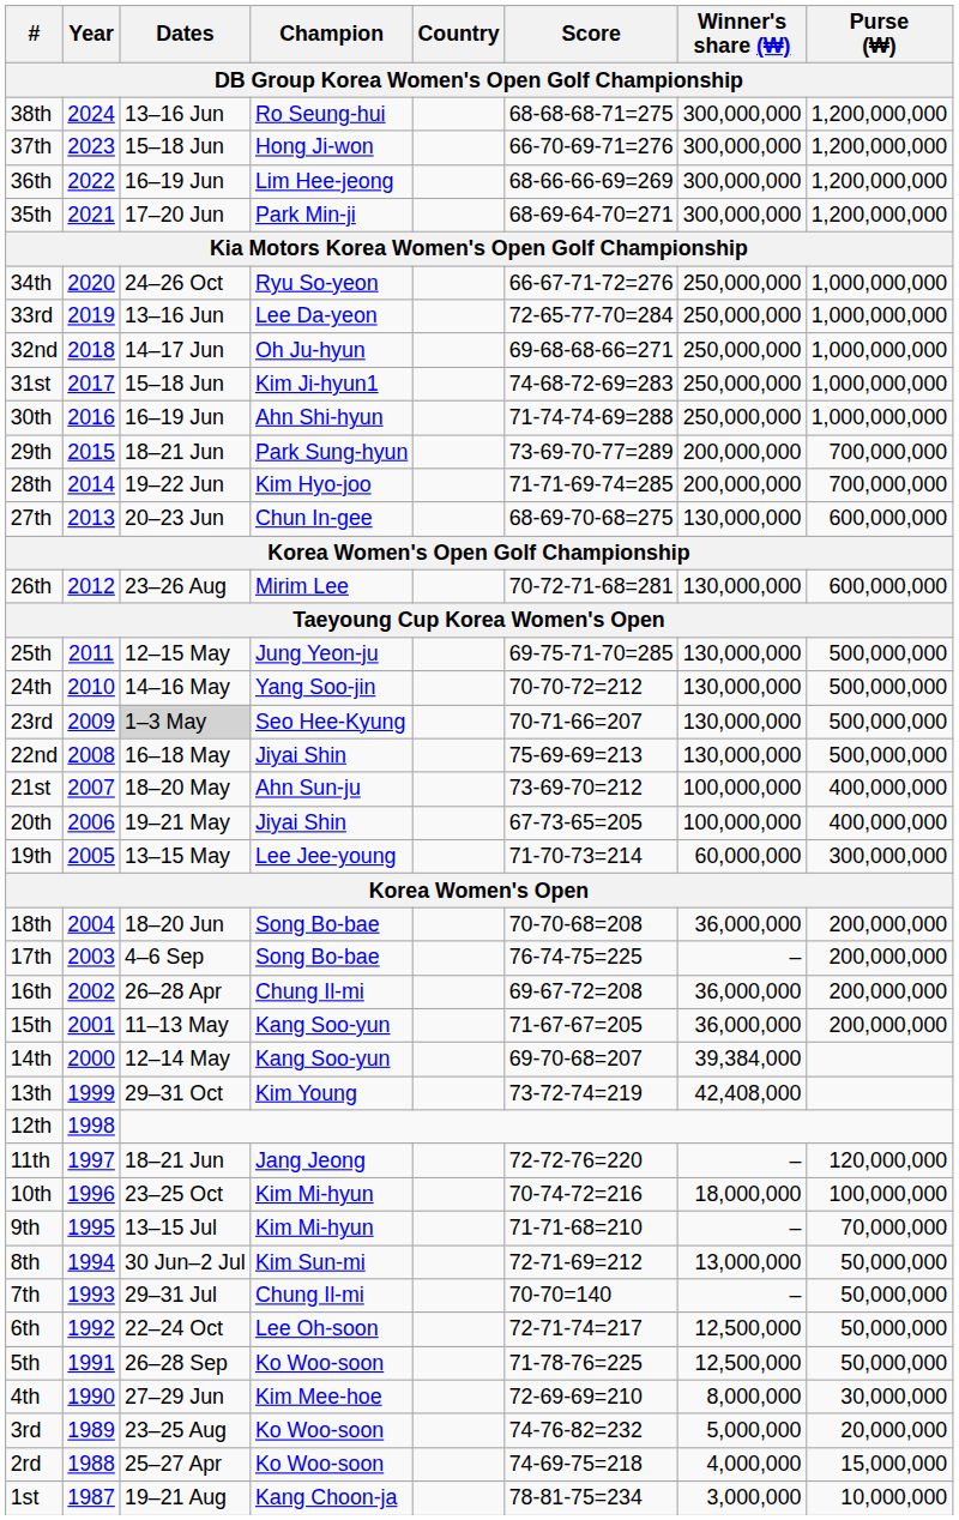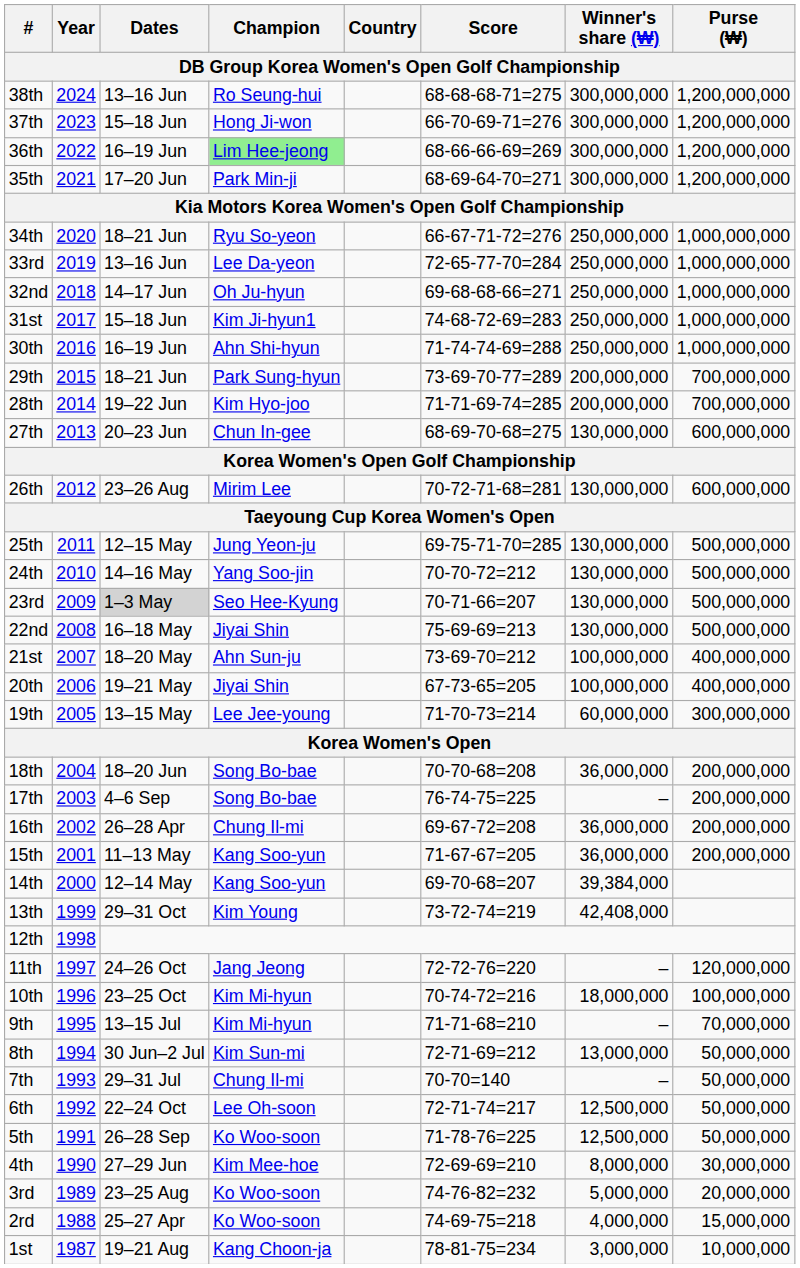 <table class="wikitable">
 <tr>
 <th>#</th>
 <th>Year</th>
 <th>Dates</th>
 <th>Champion</th>
 <th>Country</th>
 <th>Score</th>
 <th>Winner's<br>share <a href='#'>(₩)</a></th>
 <th>Purse<br>(₩)</th>
 </tr>
 <tr>
 <th colspan=8>DB Group Korea Women's Open Golf Championship</th>
 </tr>
 <tr>
 <td>38th</td>
 <td align=center><a href='#'>2024</a></td>
 <td>13–16 Jun</td>
 <td><a href='#'>Ro Seung-hui</a></td>
 <td></td>
 <td>68-68-68-71=275</td>
 <td align=right>300,000,000</td>
 <td align=right>1,200,000,000</td>
 </tr>
 <tr>
 <td>37th</td>
 <td align=center><a href='#'>2023</a></td>
 <td>15–18 Jun</td>
 <td><a href='#'>Hong Ji-won</a></td>
 <td></td>
 <td>66-70-69-71=276</td>
 <td align=right>300,000,000</td>
 <td align=right>1,200,000,000</td>
 </tr>
 <tr>
 <td>36th</td>
 <td align=center><a href='#'>2022</a></td>
 <td>16–19 Jun</td>
-<td><a href='#'>Lim Hee-jeong</a></td>
+<td style="background: lightgreen;"><a href='#'>Lim Hee-jeong</a></td>
 <td></td>
 <td>68-66-66-69=269</td>
 <td align=right>300,000,000</td>
 <td align=right>1,200,000,000</td>
 </tr>
 <tr>
 <td>35th</td>
 <td align=center><a href='#'>2021</a></td>
 <td>17–20 Jun</td>
 <td><a href='#'>Park Min-ji</a></td>
 <td></td>
 <td>68-69-64-70=271</td>
 <td align=right>300,000,000</td>
 <td align=right>1,200,000,000</td>
 </tr>
 <tr>
 <th colspan=8>Kia Motors Korea Women's Open Golf Championship</th>
 </tr>
 <tr>
 <td>34th</td>
 <td align=center><a href='#'>2020</a></td>
-<td>24–26 Oct</td>
+<td>18–21 Jun</td>
 <td><a href='#'>Ryu So-yeon</a></td>
 <td></td>
 <td>66-67-71-72=276</td>
 <td align=right>250,000,000</td>
 <td align=right>1,000,000,000</td>
 </tr>
 <tr>
 <td>33rd</td>
 <td align=center><a href='#'>2019</a></td>
 <td>13–16 Jun</td>
 <td><a href='#'>Lee Da-yeon</a></td>
 <td></td>
 <td>72-65-77-70=284</td>
 <td align=right>250,000,000</td>
 <td align=right>1,000,000,000</td>
 </tr>
 <tr>
 <td>32nd</td>
 <td align=center><a href='#'>2018</a></td>
 <td>14–17 Jun</td>
 <td><a href='#'>Oh Ju-hyun</a></td>
 <td></td>
 <td>69-68-68-66=271</td>
 <td align=right>250,000,000</td>
 <td align=right>1,000,000,000</td>
 </tr>
 <tr>
 <td>31st</td>
 <td align=center><a href='#'>2017</a></td>
 <td>15–18 Jun</td>
 <td><a href='#'>Kim Ji-hyun1</a></td>
 <td></td>
 <td>74-68-72-69=283</td>
 <td align=right>250,000,000</td>
 <td align=right>1,000,000,000</td>
 </tr>
 <tr>
 <td>30th</td>
 <td align=center><a href='#'>2016</a></td>
 <td>16–19 Jun</td>
 <td><a href='#'>Ahn Shi-hyun</a></td>
 <td></td>
 <td>71-74-74-69=288</td>
 <td align=right>250,000,000</td>
 <td align=right>1,000,000,000</td>
 </tr>
 <tr>
 <td>29th</td>
 <td align=center><a href='#'>2015</a></td>
 <td>18–21 Jun</td>
 <td><a href='#'>Park Sung-hyun</a></td>
 <td></td>
 <td>73-69-70-77=289</td>
 <td align=right>200,000,000</td>
 <td align=right>700,000,000</td>
 </tr>
 <tr>
 <td>28th</td>
 <td align=center><a href='#'>2014</a></td>
 <td>19–22 Jun</td>
 <td><a href='#'>Kim Hyo-joo</a></td>
 <td></td>
 <td>71-71-69-74=285</td>
 <td align=right>200,000,000</td>
 <td align=right>700,000,000</td>
 </tr>
 <tr>
 <td>27th</td>
 <td align=center><a href='#'>2013</a></td>
 <td>20–23 Jun</td>
 <td><a href='#'>Chun In-gee</a></td>
 <td></td>
 <td>68-69-70-68=275</td>
 <td align=right>130,000,000</td>
 <td align=right>600,000,000</td>
 </tr>
 <tr>
 <th colspan=8>Korea Women's Open Golf Championship</th>
 </tr>
 <tr>
 <td>26th</td>
 <td align=center><a href='#'>2012</a></td>
 <td>23–26 Aug</td>
 <td><a href='#'>Mirim Lee</a></td>
 <td></td>
 <td>70-72-71-68=281</td>
 <td align=right>130,000,000</td>
 <td align=right>600,000,000</td>
 </tr>
 <tr>
 <th colspan=8>Taeyoung Cup Korea Women's Open</th>
 </tr>
 <tr>
 <td>25th</td>
 <td align=center><a href='#'>2011</a></td>
 <td>12–15 May</td>
 <td><a href='#'>Jung Yeon-ju</a></td>
 <td></td>
 <td>69-75-71-70=285</td>
 <td align=right>130,000,000</td>
 <td align=right>500,000,000</td>
 </tr>
 <tr>
 <td>24th</td>
 <td align=center><a href='#'>2010</a></td>
 <td>14–16 May</td>
 <td><a href='#'>Yang Soo-jin</a></td>
 <td></td>
 <td>70-70-72=212</td>
 <td align=right>130,000,000</td>
 <td align=right>500,000,000</td>
 </tr>
 <tr>
 <td>23rd</td>
 <td align=center><a href='#'>2009</a></td>
 <td style="background: lightgrey;">1–3 May</td>
 <td><a href='#'>Seo Hee-Kyung</a></td>
 <td></td>
 <td>70-71-66=207</td>
 <td align=right>130,000,000</td>
 <td align=right>500,000,000</td>
 </tr>
 <tr>
 <td>22nd</td>
 <td align=center><a href='#'>2008</a></td>
 <td>16–18 May</td>
 <td><a href='#'>Jiyai Shin</a></td>
 <td></td>
 <td>75-69-69=213</td>
 <td align=right>130,000,000</td>
 <td align=right>500,000,000</td>
 </tr>
 <tr>
 <td>21st</td>
 <td align=center><a href='#'>2007</a></td>
 <td>18–20 May</td>
 <td><a href='#'>Ahn Sun-ju</a></td>
 <td></td>
 <td>73-69-70=212</td>
 <td align=right>100,000,000</td>
 <td align=right>400,000,000</td>
 </tr>
 <tr>
 <td>20th</td>
 <td align=center><a href='#'>2006</a></td>
 <td>19–21 May</td>
 <td><a href='#'>Jiyai Shin</a></td>
 <td></td>
 <td>67-73-65=205</td>
 <td align=right>100,000,000</td>
 <td align=right>400,000,000</td>
 </tr>
 <tr>
 <td>19th</td>
 <td align=center><a href='#'>2005</a></td>
 <td>13–15 May</td>
 <td><a href='#'>Lee Jee-young</a></td>
 <td></td>
 <td>71-70-73=214</td>
 <td align=right>60,000,000</td>
 <td align=right>300,000,000</td>
 </tr>
 <tr>
 <th colspan=8>Korea Women's Open</th>
 </tr>
 <tr>
 <td>18th</td>
 <td align=center><a href='#'>2004</a></td>
 <td>18–20 Jun</td>
 <td><a href='#'>Song Bo-bae</a></td>
 <td></td>
 <td>70-70-68=208</td>
 <td align=right>36,000,000</td>
 <td align=right>200,000,000</td>
 </tr>
 <tr>
 <td>17th</td>
 <td align=center><a href='#'>2003</a></td>
 <td>4–6 Sep</td>
 <td><a href='#'>Song Bo-bae</a></td>
 <td></td>
 <td>76-74-75=225</td>
 <td align=right>–</td>
 <td align=right>200,000,000</td>
 </tr>
 <tr>
 <td>16th</td>
 <td align=center><a href='#'>2002</a></td>
 <td>26–28 Apr</td>
 <td><a href='#'>Chung Il-mi</a></td>
 <td></td>
 <td>69-67-72=208</td>
 <td align=right>36,000,000</td>
 <td align=right>200,000,000</td>
 </tr>
 <tr>
 <td>15th</td>
 <td align=center><a href='#'>2001</a></td>
 <td>11–13 May</td>
 <td><a href='#'>Kang Soo-yun</a></td>
 <td></td>
 <td>71-67-67=205</td>
 <td align=right>36,000,000</td>
 <td align=right>200,000,000</td>
 </tr>
 <tr>
 <td>14th</td>
 <td align=center><a href='#'>2000</a></td>
 <td>12–14 May</td>
 <td><a href='#'>Kang Soo-yun</a></td>
 <td></td>
 <td>69-70-68=207</td>
 <td align=right>39,384,000</td>
 <td align=right></td>
 </tr>
 <tr>
 <td>13th</td>
 <td align=center><a href='#'>1999</a></td>
 <td>29–31 Oct</td>
 <td><a href='#'>Kim Young</a></td>
 <td></td>
 <td>73-72-74=219</td>
 <td align=right>42,408,000</td>
 <td align=right></td>
 </tr>
 <tr>
 <td>12th</td>
 <td align=center><a href='#'>1998</a></td>
 </tr>
 <tr>
 <td>11th</td>
 <td align=center><a href='#'>1997</a></td>
-<td>18–21 Jun</td>
+<td>24–26 Oct</td>
 <td><a href='#'>Jang Jeong</a></td>
 <td></td>
 <td>72-72-76=220</td>
 <td align=right>–</td>
 <td align=right>120,000,000</td>
 </tr>
 <tr>
 <td>10th</td>
 <td align=center><a href='#'>1996</a></td>
 <td>23–25 Oct</td>
 <td><a href='#'>Kim Mi-hyun</a></td>
 <td></td>
 <td>70-74-72=216</td>
 <td align=right>18,000,000</td>
 <td align=right>100,000,000</td>
 </tr>
 <tr>
 <td>9th</td>
 <td align=center><a href='#'>1995</a></td>
 <td>13–15 Jul</td>
 <td><a href='#'>Kim Mi-hyun</a></td>
 <td></td>
 <td>71-71-68=210</td>
 <td align=right>–</td>
 <td align=right>70,000,000</td>
 </tr>
 <tr>
 <td>8th</td>
 <td align=center><a href='#'>1994</a></td>
 <td>30 Jun–2 Jul</td>
 <td><a href='#'>Kim Sun-mi</a></td>
 <td></td>
 <td>72-71-69=212</td>
 <td align=right>13,000,000</td>
 <td align=right>50,000,000</td>
 </tr>
 <tr>
 <td>7th</td>
 <td align=center><a href='#'>1993</a></td>
 <td>29–31 Jul</td>
 <td><a href='#'>Chung Il-mi</a></td>
 <td></td>
 <td>70-70=140</td>
 <td align=right>–</td>
 <td align=right>50,000,000</td>
 </tr>
 <tr>
 <td>6th</td>
 <td align=center><a href='#'>1992</a></td>
 <td>22–24 Oct</td>
 <td><a href='#'>Lee Oh-soon</a></td>
 <td></td>
 <td>72-71-74=217</td>
 <td align=right>12,500,000</td>
 <td align=right>50,000,000</td>
 </tr>
 <tr>
 <td>5th</td>
 <td align=center><a href='#'>1991</a></td>
 <td>26–28 Sep</td>
 <td><a href='#'>Ko Woo-soon</a></td>
 <td></td>
 <td>71-78-76=225</td>
 <td align=right>12,500,000</td>
 <td align=right>50,000,000</td>
 </tr>
 <tr>
 <td>4th</td>
 <td align=center><a href='#'>1990</a></td>
 <td>27–29 Jun</td>
 <td><a href='#'>Kim Mee-hoe</a></td>
 <td></td>
 <td>72-69-69=210</td>
 <td align=right>8,000,000</td>
 <td align=right>30,000,000</td>
 </tr>
 <tr>
 <td>3rd</td>
 <td align=center><a href='#'>1989</a></td>
 <td>23–25 Aug</td>
 <td><a href='#'>Ko Woo-soon</a></td>
 <td></td>
 <td>74-76-82=232</td>
 <td align=right>5,000,000</td>
 <td align=right>20,000,000</td>
 </tr>
 <tr>
 <td>2rd</td>
 <td align=center><a href='#'>1988</a></td>
 <td>25–27 Apr</td>
 <td><a href='#'>Ko Woo-soon</a></td>
 <td></td>
 <td>74-69-75=218</td>
 <td align=right>4,000,000</td>
 <td align=right>15,000,000</td>
 </tr>
 <tr>
 <td>1st</td>
 <td align=center><a href='#'>1987</a></td>
 <td>19–21 Aug</td>
 <td><a href='#'>Kang Choon-ja</a></td>
 <td></td>
 <td>78-81-75=234</td>
 <td align=right>3,000,000</td>
 <td align=right>10,000,000</td>
 </tr>
 </table>
